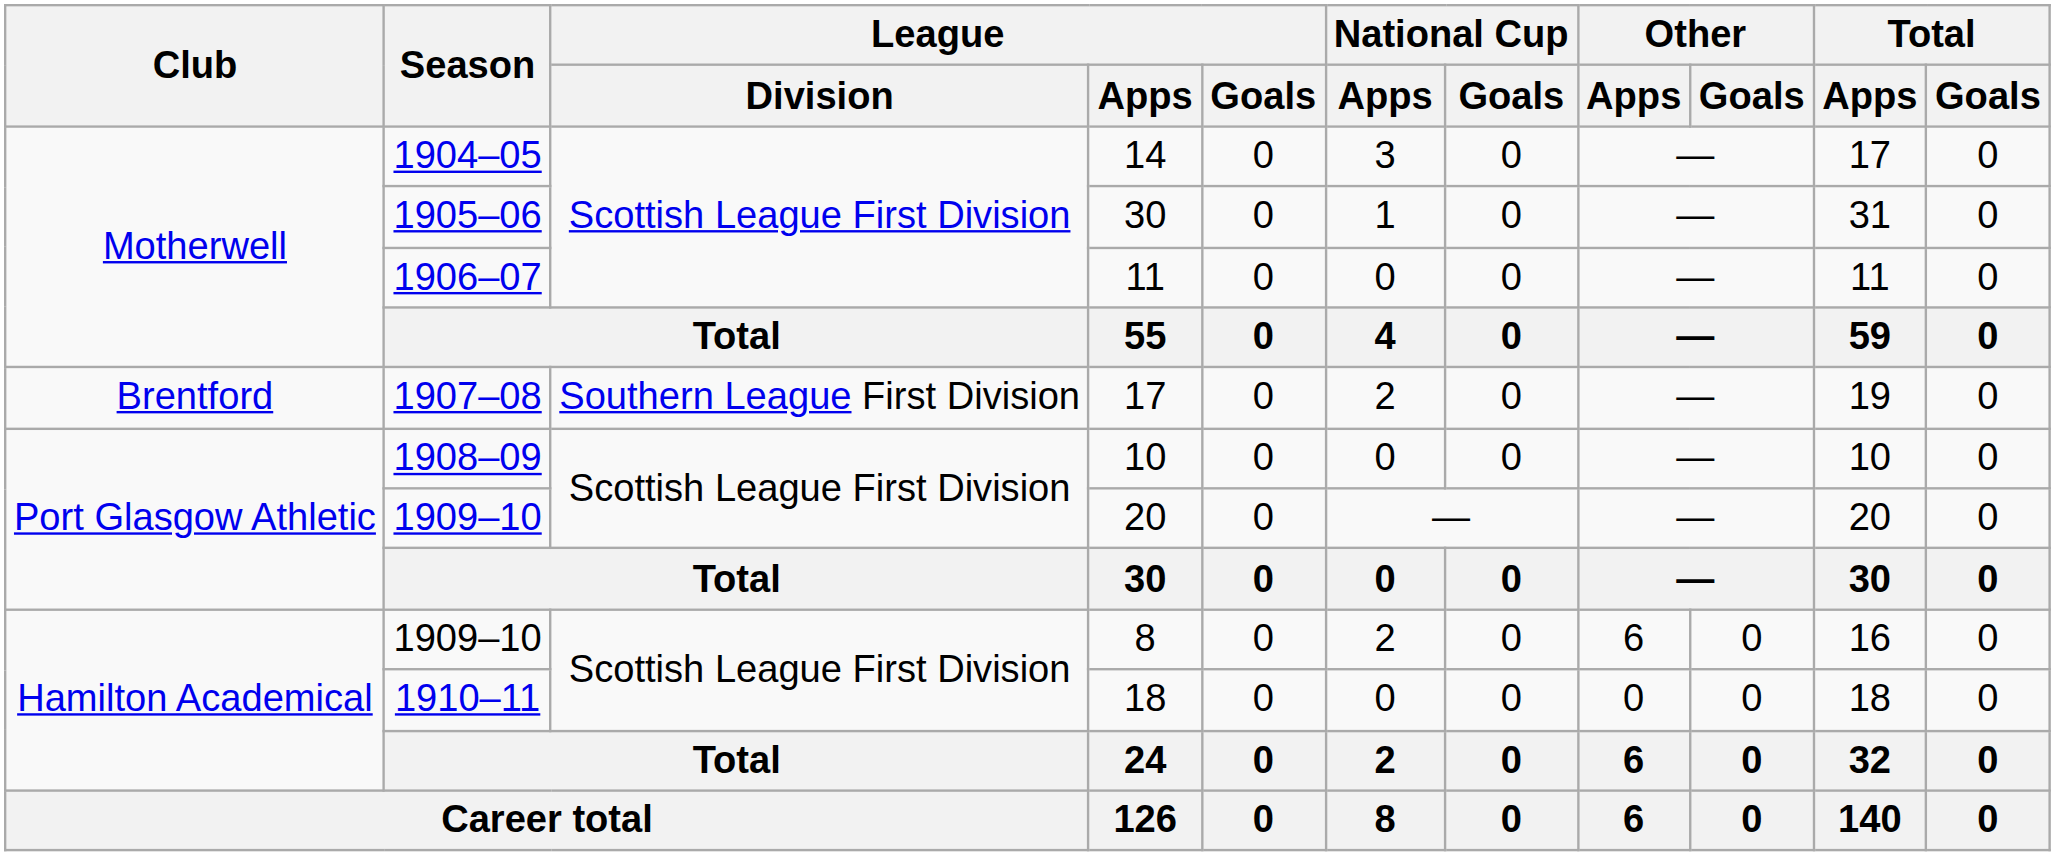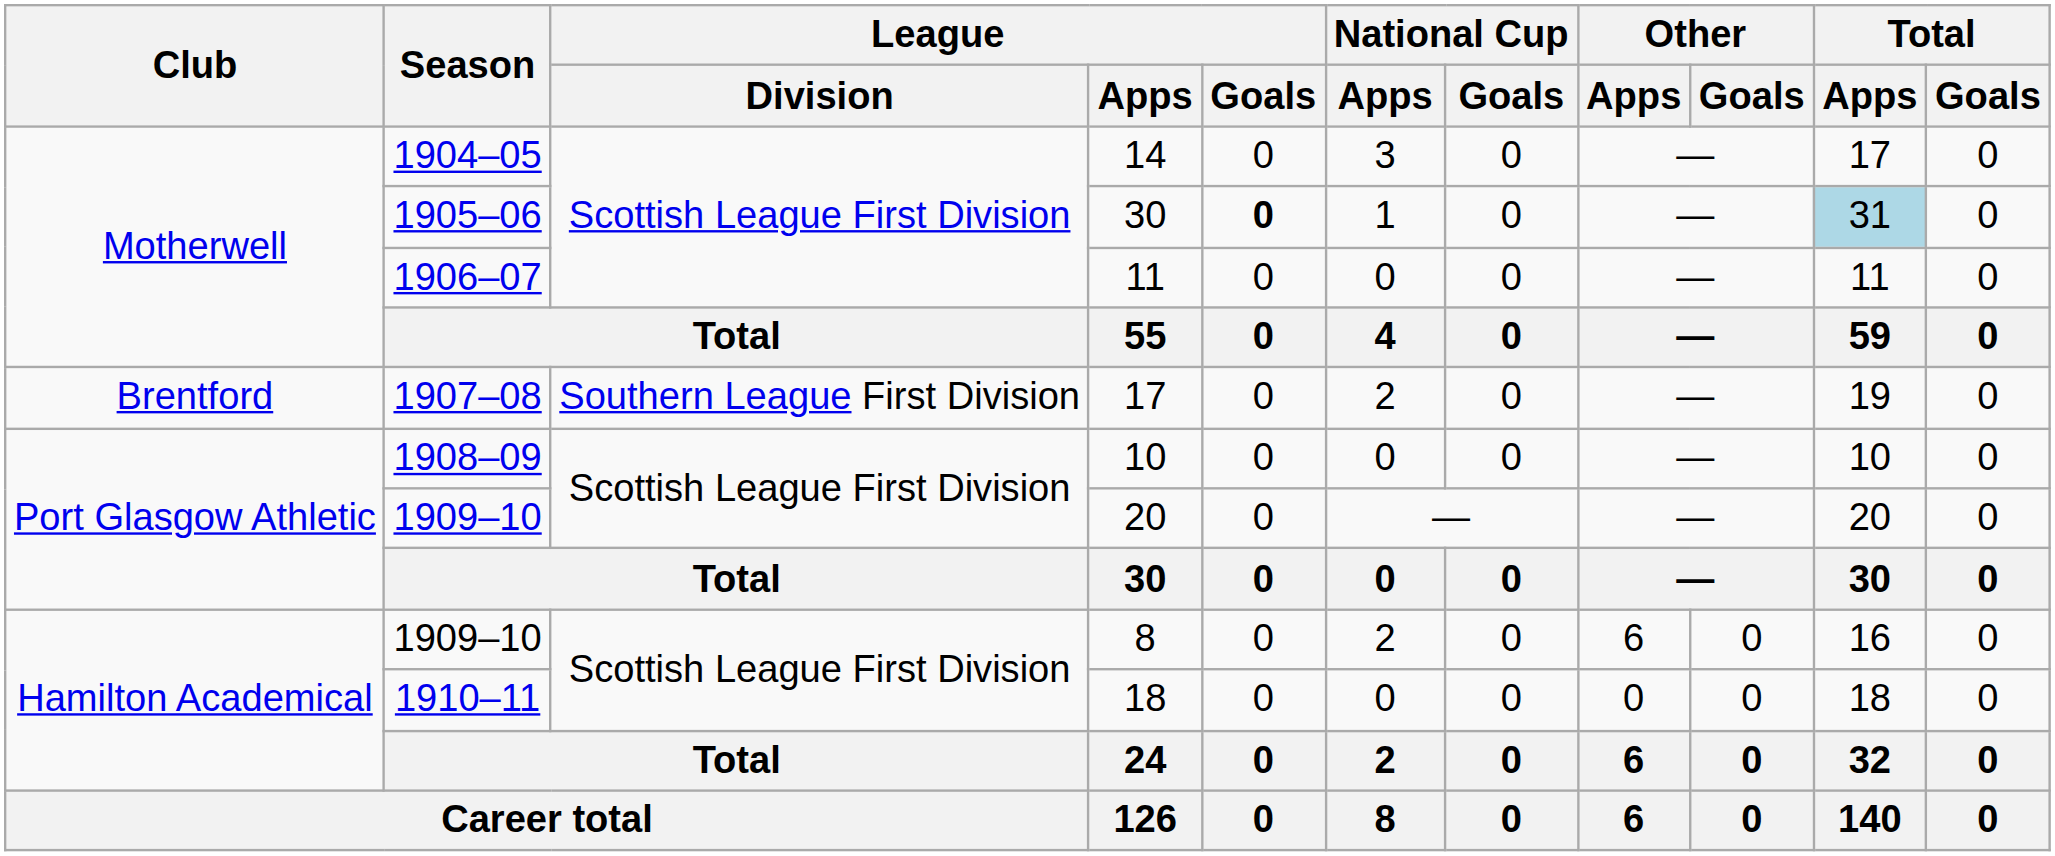 <table class="wikitable" style="text-align: center;">
 <tr>
 <th rowspan="2">Club</th>
 <th rowspan="2">Season</th>
 <th colspan="3">League</th>
 <th colspan="2">National Cup</th>
 <th colspan="2">Other</th>
 <th colspan="2">Total</th>
 </tr>
 <tr>
 <th>Division</th>
 <th>Apps</th>
 <th>Goals</th>
 <th>Apps</th>
 <th>Goals</th>
 <th>Apps</th>
 <th>Goals</th>
 <th>Apps</th>
 <th>Goals</th>
 </tr>
 <tr>
 <td rowspan="4"><a href='#'>Motherwell</a></td>
 <td><a href='#'>1904–05</a></td>
 <td rowspan="3"><a href='#'>Scottish League First Division</a></td>
 <td>14</td>
 <td>0</td>
 <td>3</td>
 <td>0</td>
 <td colspan="2">—</td>
 <td>17</td>
 <td>0</td>
 </tr>
 <tr>
 <td><a href='#'>1905–06</a></td>
 <td>30</td>
-<td>0</td>
+<td><strong>0</strong></td>
 <td>1</td>
 <td>0</td>
 <td colspan="2">—</td>
-<td>31</td>
+<td style="background: lightblue;">31</td>
 <td>0</td>
 </tr>
 <tr>
 <td><a href='#'>1906–07</a></td>
 <td>11</td>
 <td>0</td>
 <td>0</td>
 <td>0</td>
 <td colspan="2">—</td>
 <td>11</td>
 <td>0</td>
 </tr>
 <tr>
 <th colspan="2">Total</th>
 <th>55</th>
 <th>0</th>
 <th>4</th>
 <th>0</th>
 <th colspan="2">—</th>
 <th>59</th>
 <th>0</th>
 </tr>
 <tr>
 <td><a href='#'>Brentford</a></td>
 <td><a href='#'>1907–08</a></td>
 <td><a href='#'>Southern League</a> First Division</td>
 <td>17</td>
 <td>0</td>
 <td>2</td>
 <td>0</td>
 <td colspan="2">—</td>
 <td>19</td>
 <td>0</td>
 </tr>
 <tr>
 <td rowspan="3"><a href='#'>Port Glasgow Athletic</a></td>
 <td><a href='#'>1908–09</a></td>
 <td rowspan="2">Scottish League First Division</td>
 <td>10</td>
 <td>0</td>
 <td>0</td>
 <td>0</td>
 <td colspan="2">—</td>
 <td>10</td>
 <td>0</td>
 </tr>
 <tr>
 <td><a href='#'>1909–10</a></td>
 <td>20</td>
 <td>0</td>
 <td colspan="2">—</td>
 <td colspan="2">—</td>
 <td>20</td>
 <td>0</td>
 </tr>
 <tr>
 <th colspan="2">Total</th>
 <th>30</th>
 <th>0</th>
 <th>0</th>
 <th>0</th>
 <th colspan="2">—</th>
 <th>30</th>
 <th>0</th>
 </tr>
 <tr>
 <td rowspan="3"><a href='#'>Hamilton Academical</a></td>
 <td>1909–10</td>
 <td rowspan="2">Scottish League First Division</td>
 <td>8</td>
 <td>0</td>
 <td>2</td>
 <td>0</td>
 <td>6</td>
 <td>0</td>
 <td>16</td>
 <td>0</td>
 </tr>
 <tr>
 <td><a href='#'>1910–11</a></td>
 <td>18</td>
 <td>0</td>
 <td>0</td>
 <td>0</td>
 <td>0</td>
 <td>0</td>
 <td>18</td>
 <td>0</td>
 </tr>
 <tr>
 <th colspan="2">Total</th>
 <th>24</th>
 <th>0</th>
 <th>2</th>
 <th>0</th>
 <th>6</th>
 <th>0</th>
 <th>32</th>
 <th>0</th>
 </tr>
 <tr>
 <th colspan="3">Career total</th>
 <th>126</th>
 <th>0</th>
 <th>8</th>
 <th>0</th>
 <th>6</th>
 <th>0</th>
 <th>140</th>
 <th>0</th>
 </tr>
 </table>
